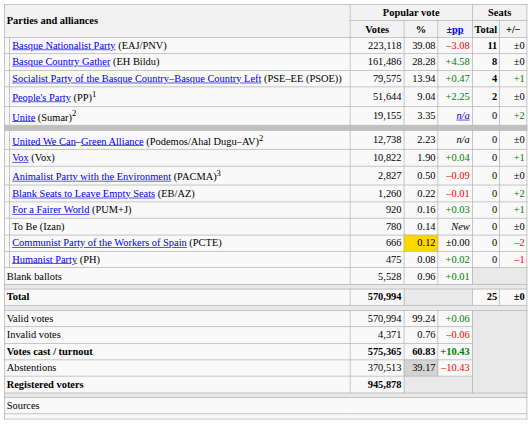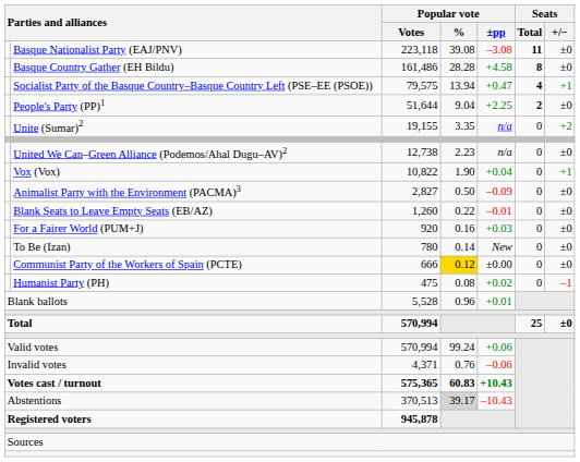 <table class="wikitable" style="text-align:right;">
 <tr>
 <th style="text-align:left;" rowspan="2" colspan="2" width="525">Parties and alliances</th>
 <th colspan="3">Popular vote</th>
 <th colspan="2">Seats</th>
 </tr>
 <tr>
 <th width="75">Votes</th>
 <th width="45">%</th>
 <th width="45">±<a href='#'>pp</a></th>
 <th width="35">Total</th>
 <th width="35">+/−</th>
 </tr>
 <tr>
 <td width="1" style="color:inherit;background:"></td>
 <td align="left"><a href='#'>Basque Nationalist Party</a> (EAJ/PNV)</td>
 <td>223,118</td>
 <td>39.08</td>
 <td style="color:red;">–3.08</td>
 <td><strong>11</strong></td>
 <td>±0</td>
 </tr>
 <tr>
 <td style="color:inherit;background:"></td>
 <td align="left"><a href='#'>Basque Country Gather</a> (EH Bildu)</td>
 <td>161,486</td>
 <td>28.28</td>
 <td style="color:green;">+4.58</td>
 <td><strong>8</strong></td>
 <td>±0</td>
 </tr>
 <tr>
 <td style="color:inherit;background:"></td>
 <td align="left"><a href='#'>Socialist Party of the Basque Country–Basque Country Left</a> (PSE–EE (PSOE))</td>
 <td>79,575</td>
 <td>13.94</td>
 <td style="color:green;">+0.47</td>
 <td><strong>4</strong></td>
 <td style="color:green;">+1</td>
 </tr>
 <tr>
 <td style="color:inherit;background:"></td>
 <td align="left"><a href='#'>People's Party</a> (PP)<sup>1</sup></td>
 <td>51,644</td>
 <td>9.04</td>
 <td style="color:green;">+2.25</td>
 <td><strong>2</strong></td>
 <td>±0</td>
 </tr>
 <tr>
 <td style="color:inherit;background:"></td>
 <td align="left"><a href='#'>Unite</a> (Sumar)<sup>2</sup></td>
 <td>19,155</td>
 <td>3.35</td>
 <td><em><a href='#'>n/a</a></em></td>
 <td>0</td>
 <td style="color:green;">+2</td>
 </tr>
 <tr>
 <td colspan="7" bgcolor="#C0C0C0"></td>
 </tr>
 <tr>
 <td style="color:inherit;background:"></td>
 <td align="left"><a href='#'>United We Can</a>–<a href='#'>Green Alliance</a> (Podemos/Ahal Dugu–AV)<sup>2</sup></td>
 <td>12,738</td>
 <td>2.23</td>
 <td><em>n/a</em></td>
 <td>0</td>
 <td>±0</td>
 </tr>
 <tr>
 <td style="color:inherit;background:"></td>
 <td align="left"><a href='#'>Vox</a> (Vox)</td>
 <td>10,822</td>
 <td>1.90</td>
 <td style="color:green;">+0.04</td>
 <td>0</td>
 <td style="color:green;">+1</td>
 </tr>
 <tr>
 <td style="color:inherit;background:"></td>
 <td align="left"><a href='#'>Animalist Party with the Environment</a> (PACMA)<sup>3</sup></td>
 <td>2,827</td>
 <td>0.50</td>
 <td style="color:red;">–0.09</td>
 <td>0</td>
 <td>±0</td>
 </tr>
 <tr>
 <td style="color:inherit;background:"></td>
 <td align="left"><a href='#'>Blank Seats to Leave Empty Seats</a> (EB/AZ)</td>
 <td>1,260</td>
 <td>0.22</td>
 <td style="color:red;">–0.01</td>
 <td>0</td>
-<td style="color:green;">+2</td>
+<td>±0</td>
 </tr>
 <tr>
 <td style="color:inherit;background:"></td>
 <td align="left"><a href='#'>For a Fairer World</a> (PUM+J)</td>
 <td>920</td>
 <td>0.16</td>
 <td style="color:green;">+0.03</td>
 <td>0</td>
-<td style="color:green;">+1</td>
+<td>±0</td>
 </tr>
 <tr>
 <td bgcolor="white"></td>
 <td align="left">To Be (Izan)</td>
 <td>780</td>
 <td>0.14</td>
 <td><em>New</em></td>
 <td>0</td>
 <td>±0</td>
 </tr>
 <tr>
 <td style="color:inherit;background:"></td>
 <td align="left"><a href='#'>Communist Party of the Workers of Spain</a> (PCTE)</td>
 <td>666</td>
 <td style="background: gold;">0.12</td>
 <td>±0.00</td>
 <td>0</td>
-<td style="color:red;">–2</td>
+<td>±0</td>
 </tr>
 <tr>
 <td style="color:inherit;background:"></td>
 <td align="left"><a href='#'>Humanist Party</a> (PH)</td>
 <td>475</td>
 <td>0.08</td>
 <td style="color:green;">+0.02</td>
 <td>0</td>
 <td style="color:red;">–1</td>
 </tr>
 <tr>
 <td align="left" colspan="2">Blank ballots</td>
 <td>5,528</td>
 <td>0.96</td>
 <td style="color:green;">+0.01</td>
 <td bgcolor="#E9E9E9" colspan="2"></td>
 </tr>
 <tr>
 <td colspan="7" bgcolor="#E9E9E9"></td>
 </tr>
 <tr style="font-weight:bold;">
 <td align="left" colspan="2">Total</td>
 <td>570,994</td>
 <td bgcolor="#E9E9E9" colspan="2"></td>
 <td>25</td>
 <td>±0</td>
 </tr>
 <tr>
 <td colspan="7" bgcolor="#E9E9E9"></td>
 </tr>
 <tr>
 <td align="left" colspan="2">Valid votes</td>
 <td>570,994</td>
 <td>99.24</td>
 <td style="color:green;">+0.06</td>
 <td bgcolor="#E9E9E9" colspan="2" rowspan="5"></td>
 </tr>
 <tr>
 <td align="left" colspan="2">Invalid votes</td>
 <td>4,371</td>
 <td>0.76</td>
 <td style="color:red;">–0.06</td>
 </tr>
 <tr style="font-weight:bold;">
 <td align="left" colspan="2">Votes cast / turnout</td>
 <td>575,365</td>
 <td>60.83</td>
 <td style="color:green;">+10.43</td>
 </tr>
 <tr>
 <td align="left" colspan="2">Abstentions</td>
 <td>370,513</td>
 <td style="background: lightgrey;">39.17</td>
 <td style="color:red;">–10.43</td>
 </tr>
 <tr style="font-weight:bold;">
 <td align="left" colspan="2">Registered voters</td>
 <td>945,878</td>
 <td bgcolor="#E9E9E9" colspan="2"></td>
 </tr>
 <tr>
 <td colspan="7" bgcolor="#E9E9E9"></td>
 </tr>
 <tr>
 <td align="left" colspan="7">Sources</td>
 </tr>
 <tr>
 <td colspan="7" style="text-align:left; max-width:790px;"></td>
 </tr>
 </table>
